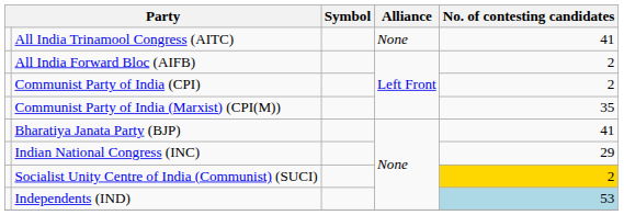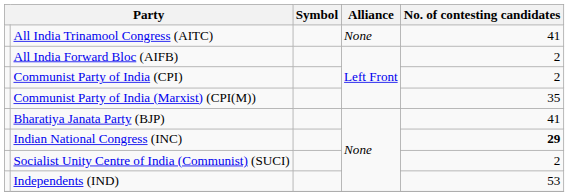 <table class="wikitable">
 <tr>
 <th colspan="2">Party</th>
 <th>Symbol</th>
 <th>Alliance</th>
 <th>No. of contesting candidates</th>
 </tr>
 <tr>
 <td></td>
 <td><a href='#'>All India Trinamool Congress</a> (AITC)</td>
 <td></td>
 <td><em>None</em></td>
 <td style="text-align:right">41</td>
 </tr>
 <tr>
 <td></td>
 <td><a href='#'>All India Forward Bloc</a> (AIFB)</td>
 <td></td>
 <td rowspan="3"><a href='#'>Left Front</a></td>
 <td style="text-align:right">2</td>
 </tr>
 <tr>
 <td></td>
 <td><a href='#'>Communist Party of India</a> (CPI)</td>
 <td></td>
 <td style="text-align:right">2</td>
 </tr>
 <tr>
 <td></td>
 <td><a href='#'>Communist Party of India (Marxist)</a> (CPI(M))</td>
 <td></td>
 <td style="text-align:right">35</td>
 </tr>
 <tr>
 <td></td>
 <td><a href='#'>Bharatiya Janata Party</a> (BJP)</td>
 <td></td>
 <td rowspan="4"><em>None</em></td>
 <td style="text-align:right">41</td>
 </tr>
 <tr>
 <td></td>
 <td><a href='#'>Indian National Congress</a> (INC)</td>
 <td></td>
-<td style="text-align:right">29</td>
+<td style="text-align:right"><strong>29</strong></td>
 </tr>
 <tr>
 <td></td>
 <td><a href='#'>Socialist Unity Centre of India (Communist)</a> (SUCI)</td>
 <td></td>
-<td style="background: gold; text-align:right">2</td>
+<td style="text-align:right">2</td>
 </tr>
 <tr>
 <td></td>
 <td><a href='#'>Independents</a> (IND)</td>
 <td></td>
-<td style="background: lightblue; text-align:right">53</td>
+<td style="text-align:right">53</td>
 </tr>
 <tr>
 </tr>
 </table>
